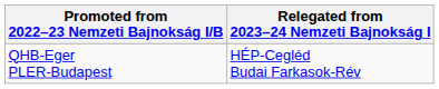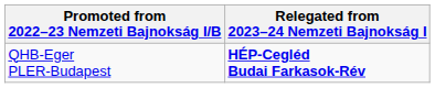 <table class="wikitable">
 <tr>
 <th>Promoted from<br><a href='#'>2022–23 Nemzeti Bajnokság I/B</a></th>
 <th>Relegated from<br><a href='#'>2023–24 Nemzeti Bajnokság I</a></th>
 </tr>
 <tr>
 <td><a href='#'>QHB-Eger</a><br><a href='#'>PLER-Budapest</a></td>
-<td><a href='#'>HÉP-Cegléd</a><br><a href='#'>Budai Farkasok-Rév</a></td>
+<td><strong><a href='#'>HÉP-Cegléd</a><br><a href='#'>Budai Farkasok-Rév</a></strong></td>
 </tr>
 </table>
